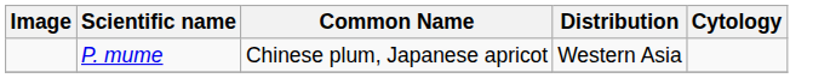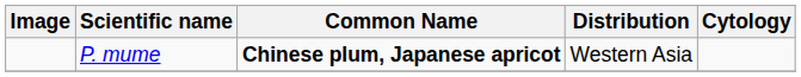 <table class="wikitable">
 <tr>
 <th>Image</th>
 <th>Scientific name</th>
 <th>Common Name</th>
 <th>Distribution</th>
 <th>Cytology</th>
 </tr>
 <tr>
 <td></td>
 <td><em><a href='#'>P. mume</a></em></td>
-<td>Chinese plum, Japanese apricot</td>
+<td><strong>Chinese plum, Japanese apricot</strong></td>
 <td>Western Asia</td>
 <td></td>
 </tr>
 <tr>
 </tr>
 </table>
